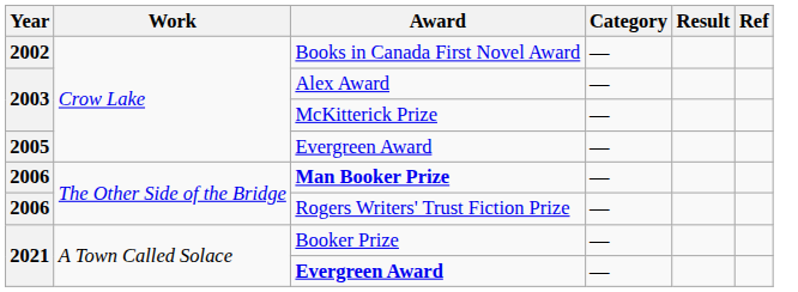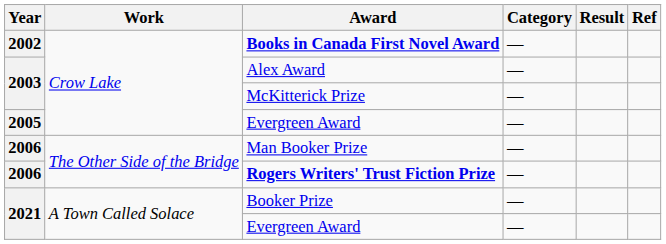 <table class="wikitable">
 <tr>
 <th>Year</th>
 <th>Work</th>
 <th>Award</th>
 <th>Category</th>
 <th>Result</th>
 <th>Ref</th>
 </tr>
 <tr>
 <th>2002</th>
 <td rowspan="4"><em><a href='#'>Crow Lake</a></em></td>
-<td><a href='#'>Books in Canada First Novel Award</a></td>
+<td><strong><a href='#'>Books in Canada First Novel Award</a></strong></td>
 <td>—</td>
 <td></td>
 <td></td>
 </tr>
 <tr>
 <th rowspan="2">2003</th>
 <td><a href='#'>Alex Award</a></td>
 <td>—</td>
 <td></td>
 <td></td>
 </tr>
 <tr>
 <td><a href='#'>McKitterick Prize</a></td>
 <td>—</td>
 <td></td>
 <td></td>
 </tr>
 <tr>
 <th>2005</th>
 <td><a href='#'>Evergreen Award</a></td>
 <td>—</td>
 <td></td>
 <td></td>
 </tr>
 <tr>
 <th>2006</th>
 <td rowspan="2"><em><a href='#'>The Other Side of the Bridge</a></em></td>
-<td><strong><a href='#'>Man Booker Prize</a></strong></td>
+<td><a href='#'>Man Booker Prize</a></td>
 <td>—</td>
 <td></td>
 <td></td>
 </tr>
 <tr>
 <th>2006</th>
-<td><a href='#'>Rogers Writers' Trust Fiction Prize</a></td>
+<td><strong><a href='#'>Rogers Writers' Trust Fiction Prize</a></strong></td>
 <td>—</td>
 <td></td>
 <td></td>
 </tr>
 <tr>
 <th rowspan="2">2021</th>
 <td rowspan="2"><em>A Town Called Solace</em></td>
 <td><a href='#'>Booker Prize</a></td>
 <td>—</td>
 <td></td>
 <td></td>
 </tr>
 <tr>
-<td><strong><a href='#'>Evergreen Award</a></strong></td>
+<td><a href='#'>Evergreen Award</a></td>
 <td>—</td>
 <td></td>
 <td></td>
 </tr>
 </table>
